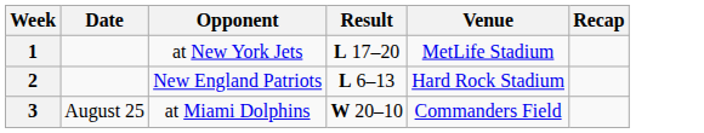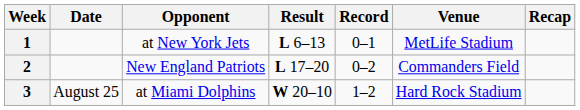 <table class="wikitable" style="text-align:center">
 <tr>
 <th>Week</th>
 <th>Date</th>
 <th>Opponent</th>
 <th>Result</th>
+<th>Record</th>
 <th>Venue</th>
 <th>Recap</th>
 </tr>
 <tr>
 <th>1</th>
 <td></td>
 <td>at <a href='#'>New York Jets</a></td>
-<td><strong>L</strong> 17–20</td>
+<td><strong>L</strong> 6–13</td>
+<td>0–1</td>
 <td><a href='#'>MetLife Stadium</a></td>
 <td></td>
 </tr>
 <tr>
 <th>2</th>
 <td></td>
 <td><a href='#'>New England Patriots</a></td>
-<td><strong>L</strong> 6–13</td>
-<td><a href='#'>Hard Rock Stadium</a></td>
+<td><strong>L</strong> 17–20</td>
+<td>0–2</td>
+<td><a href='#'>Commanders Field</a></td>
 <td></td>
 </tr>
 <tr>
 <th>3</th>
 <td>August 25</td>
 <td>at <a href='#'>Miami Dolphins</a></td>
 <td><strong>W</strong> 20–10</td>
-<td><a href='#'>Commanders Field</a></td>
+<td>1–2</td>
+<td><a href='#'>Hard Rock Stadium</a></td>
 <td></td>
 </tr>
 </table>
